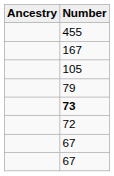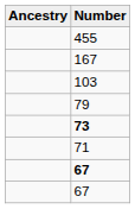 <table style="float: center;" class="wikitable">
 <tr>
 <th style="background:#efefef;">Ancestry</th>
 <th style="background:#efefef;">Number</th>
 </tr>
 <tr>
 <td></td>
 <td>455</td>
 </tr>
 <tr>
 <td></td>
 <td>167</td>
 </tr>
 <tr>
 <td></td>
-<td>105</td>
+<td>103</td>
 </tr>
 <tr>
 <td></td>
 <td>79</td>
 </tr>
 <tr>
 <td></td>
 <td><strong>73</strong></td>
 </tr>
 <tr>
 <td></td>
-<td>72</td>
+<td>71</td>
 </tr>
 <tr>
 <td></td>
-<td>67</td>
+<td><strong>67</strong></td>
 </tr>
 <tr>
 <td></td>
 <td>67</td>
 </tr>
 </table>
